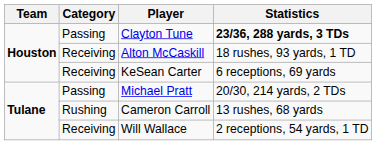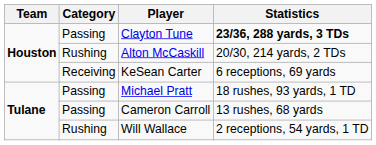 <table class="wikitable" style="float: left;">
 <tr>
 <th>Team</th>
 <th>Category</th>
 <th>Player</th>
 <th>Statistics</th>
 </tr>
 <tr>
 <td rowspan=3><strong>Houston</strong></td>
 <td>Passing</td>
 <td><a href='#'>Clayton Tune</a></td>
 <td><strong>23/36, 288 yards, 3 TDs</strong></td>
 </tr>
 <tr>
-<td>Receiving</td>
+<td>Rushing</td>
 <td><a href='#'>Alton McCaskill</a></td>
-<td>18 rushes, 93 yards, 1 TD</td>
+<td>20/30, 214 yards, 2 TDs</td>
 </tr>
 <tr>
 <td>Receiving</td>
 <td>KeSean Carter</td>
 <td>6 receptions, 69 yards</td>
 </tr>
 <tr>
 <td rowspan=3><strong>Tulane</strong></td>
 <td>Passing</td>
 <td><a href='#'>Michael Pratt</a></td>
-<td>20/30, 214 yards, 2 TDs</td>
+<td>18 rushes, 93 yards, 1 TD</td>
 </tr>
 <tr>
-<td>Rushing</td>
+<td>Passing</td>
 <td>Cameron Carroll</td>
 <td>13 rushes, 68 yards</td>
 </tr>
 <tr>
-<td>Receiving</td>
+<td>Rushing</td>
 <td>Will Wallace</td>
 <td>2 receptions, 54 yards, 1 TD</td>
 </tr>
 </table>
